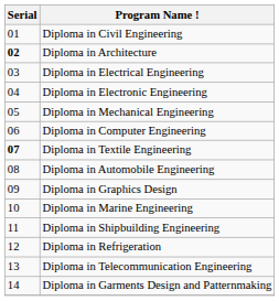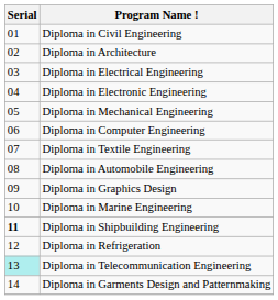 <table class="wikitable sortable" style="font-size:90%">
 <tr>
 <th>Serial</th>
 <th>Program Name !</th>
 </tr>
 <tr l>
 <td>01</td>
 <td>Diploma in Civil Engineering</td>
 </tr>
 <tr>
-<td><strong>02</strong></td>
+<td>02</td>
 <td>Diploma in Architecture</td>
 </tr>
 <tr>
 <td>03</td>
 <td>Diploma in Electrical Engineering</td>
 </tr>
 <tr>
 <td>04</td>
 <td>Diploma in Electronic Engineering</td>
 </tr>
 <tr>
 <td>05</td>
 <td>Diploma in Mechanical Engineering</td>
 </tr>
 <tr>
 <td>06</td>
 <td>Diploma in Computer Engineering</td>
 </tr>
 <tr>
-<td><strong>07</strong></td>
+<td>07</td>
 <td>Diploma in Textile Engineering</td>
 </tr>
 <tr>
 <td>08</td>
 <td>Diploma in Automobile Engineering</td>
 </tr>
 <tr>
 <td>09</td>
 <td>Diploma in Graphics Design</td>
 </tr>
 <tr>
 <td>10</td>
 <td>Diploma in Marine Engineering</td>
 </tr>
 <tr>
-<td>11</td>
+<td><strong>11</strong></td>
 <td>Diploma in Shipbuilding Engineering</td>
 </tr>
 <tr>
 <td>12</td>
 <td>Diploma in Refrigeration</td>
 </tr>
 <tr>
-<td>13</td>
+<td style="background: paleturquoise;">13</td>
 <td>Diploma in Telecommunication Engineering</td>
 </tr>
 <tr>
 <td>14</td>
 <td>Diploma in Garments Design and Patternmaking</td>
 </tr>
 <tr>
 </tr>
 </table>
